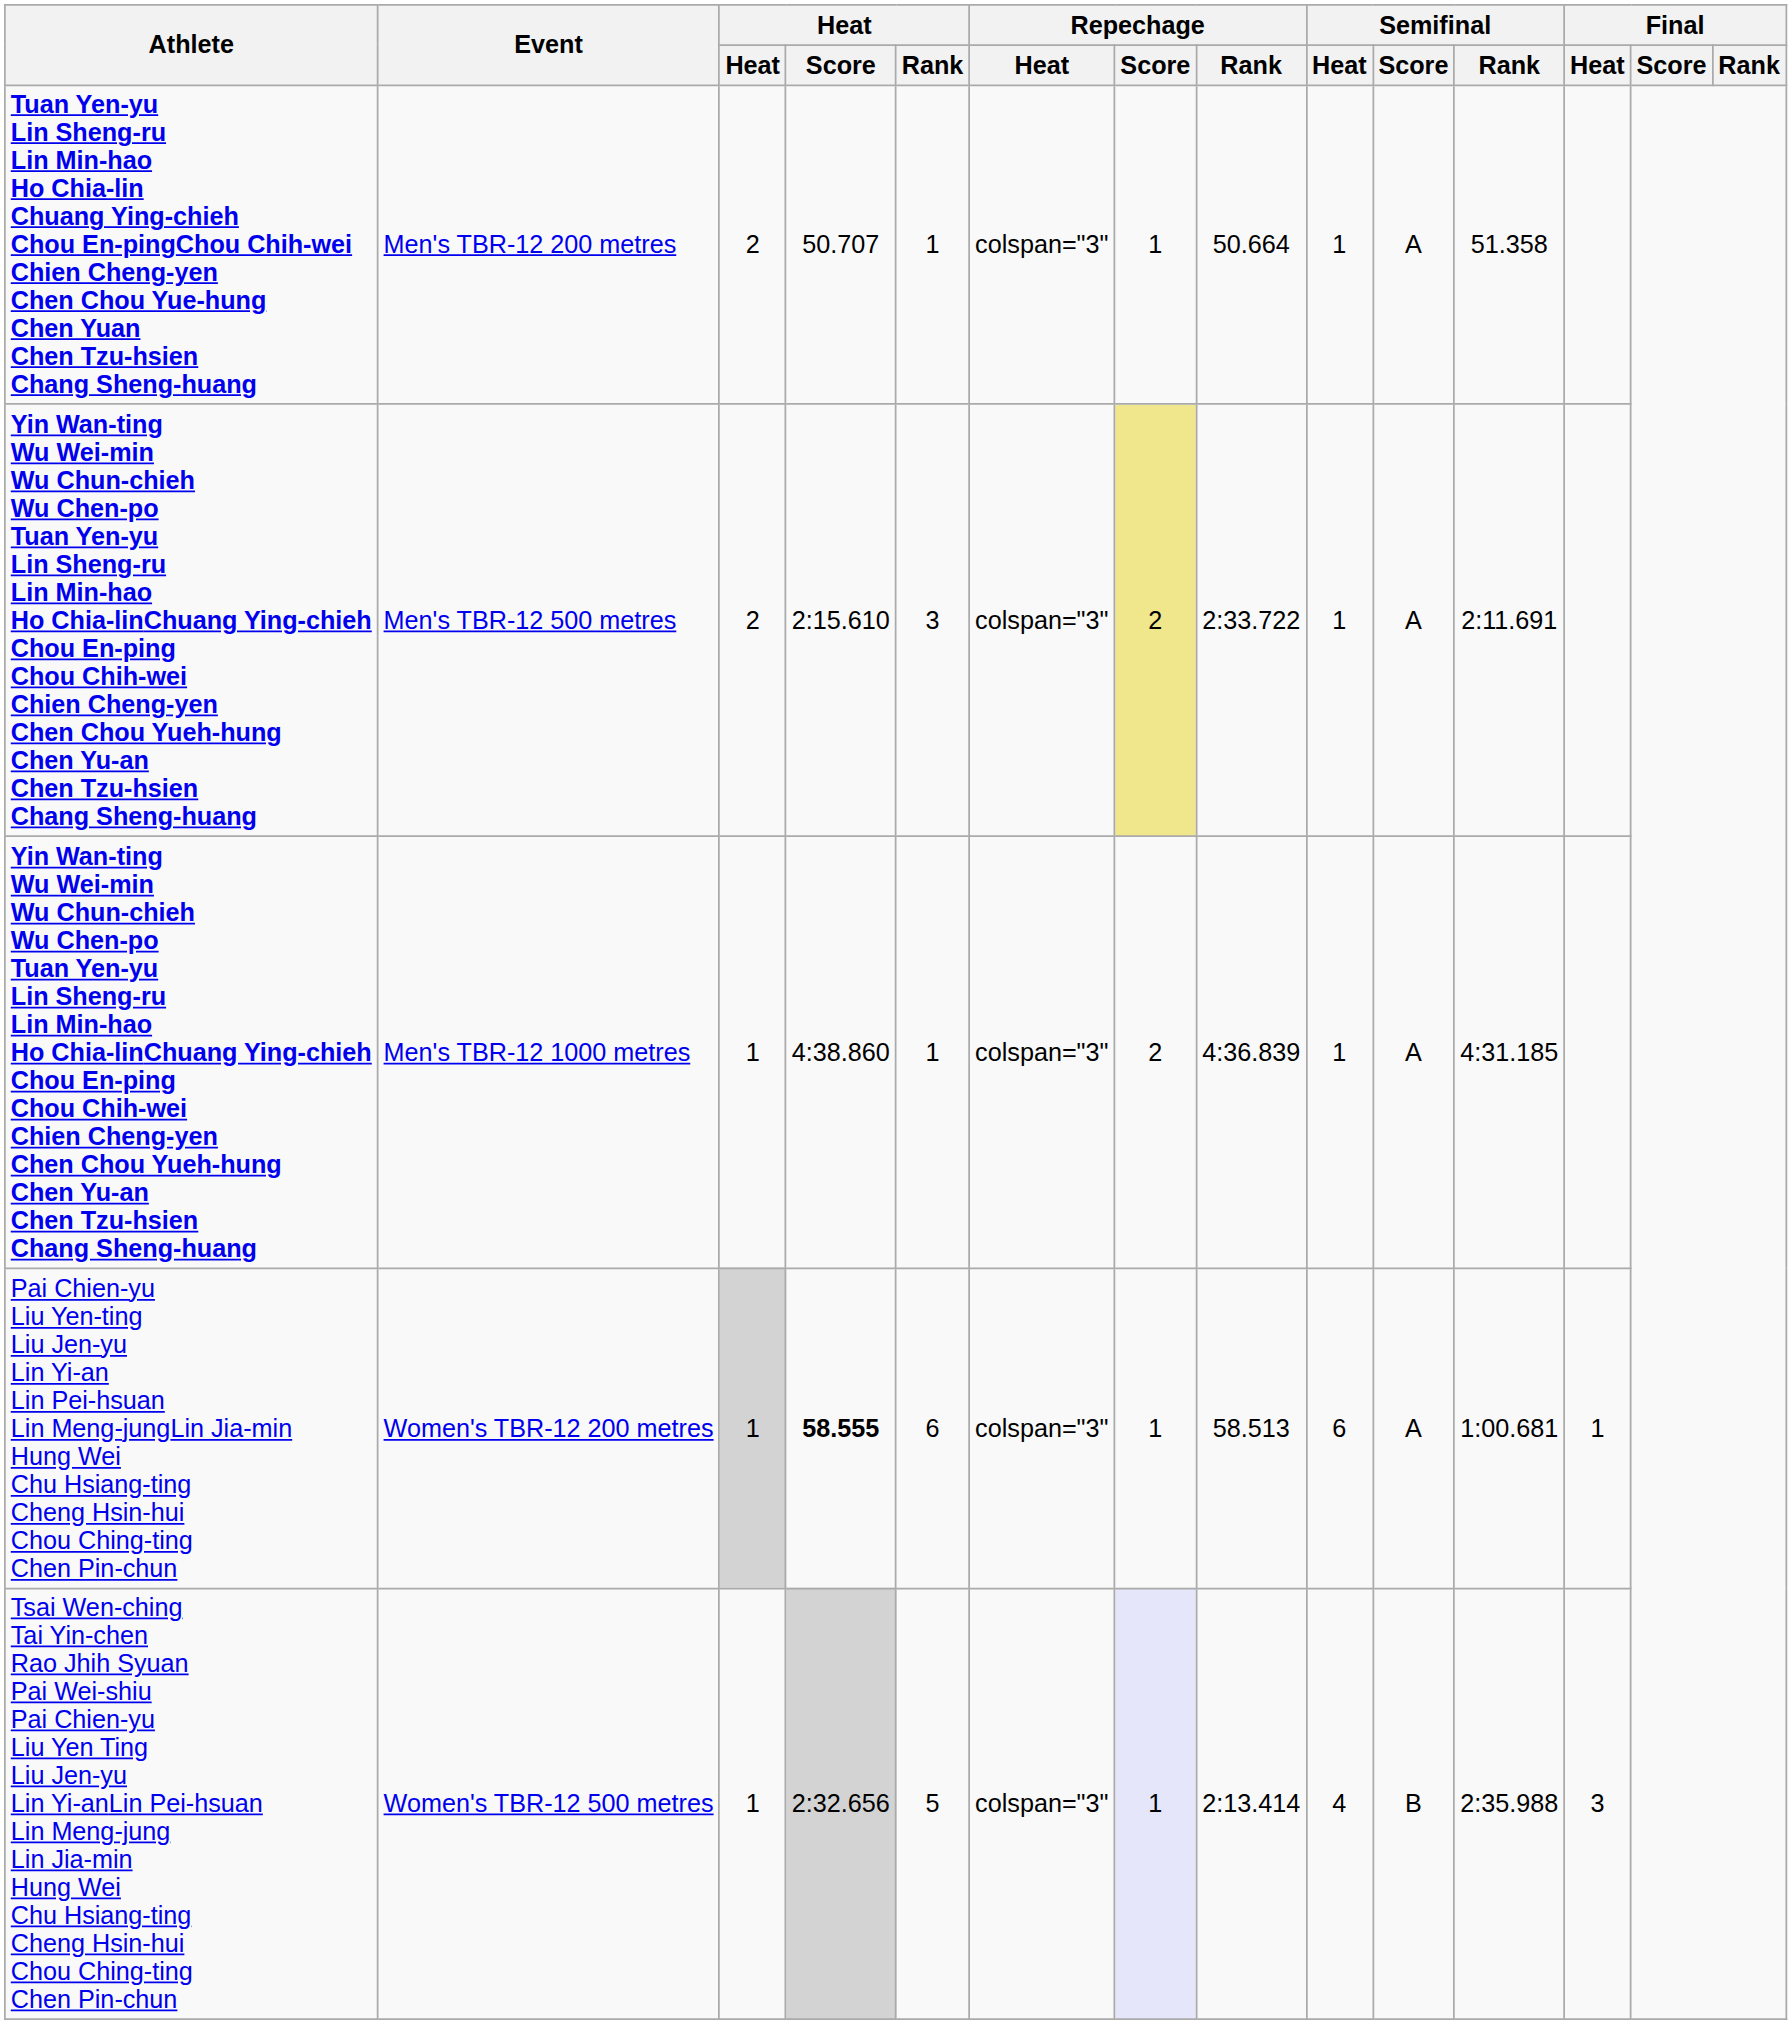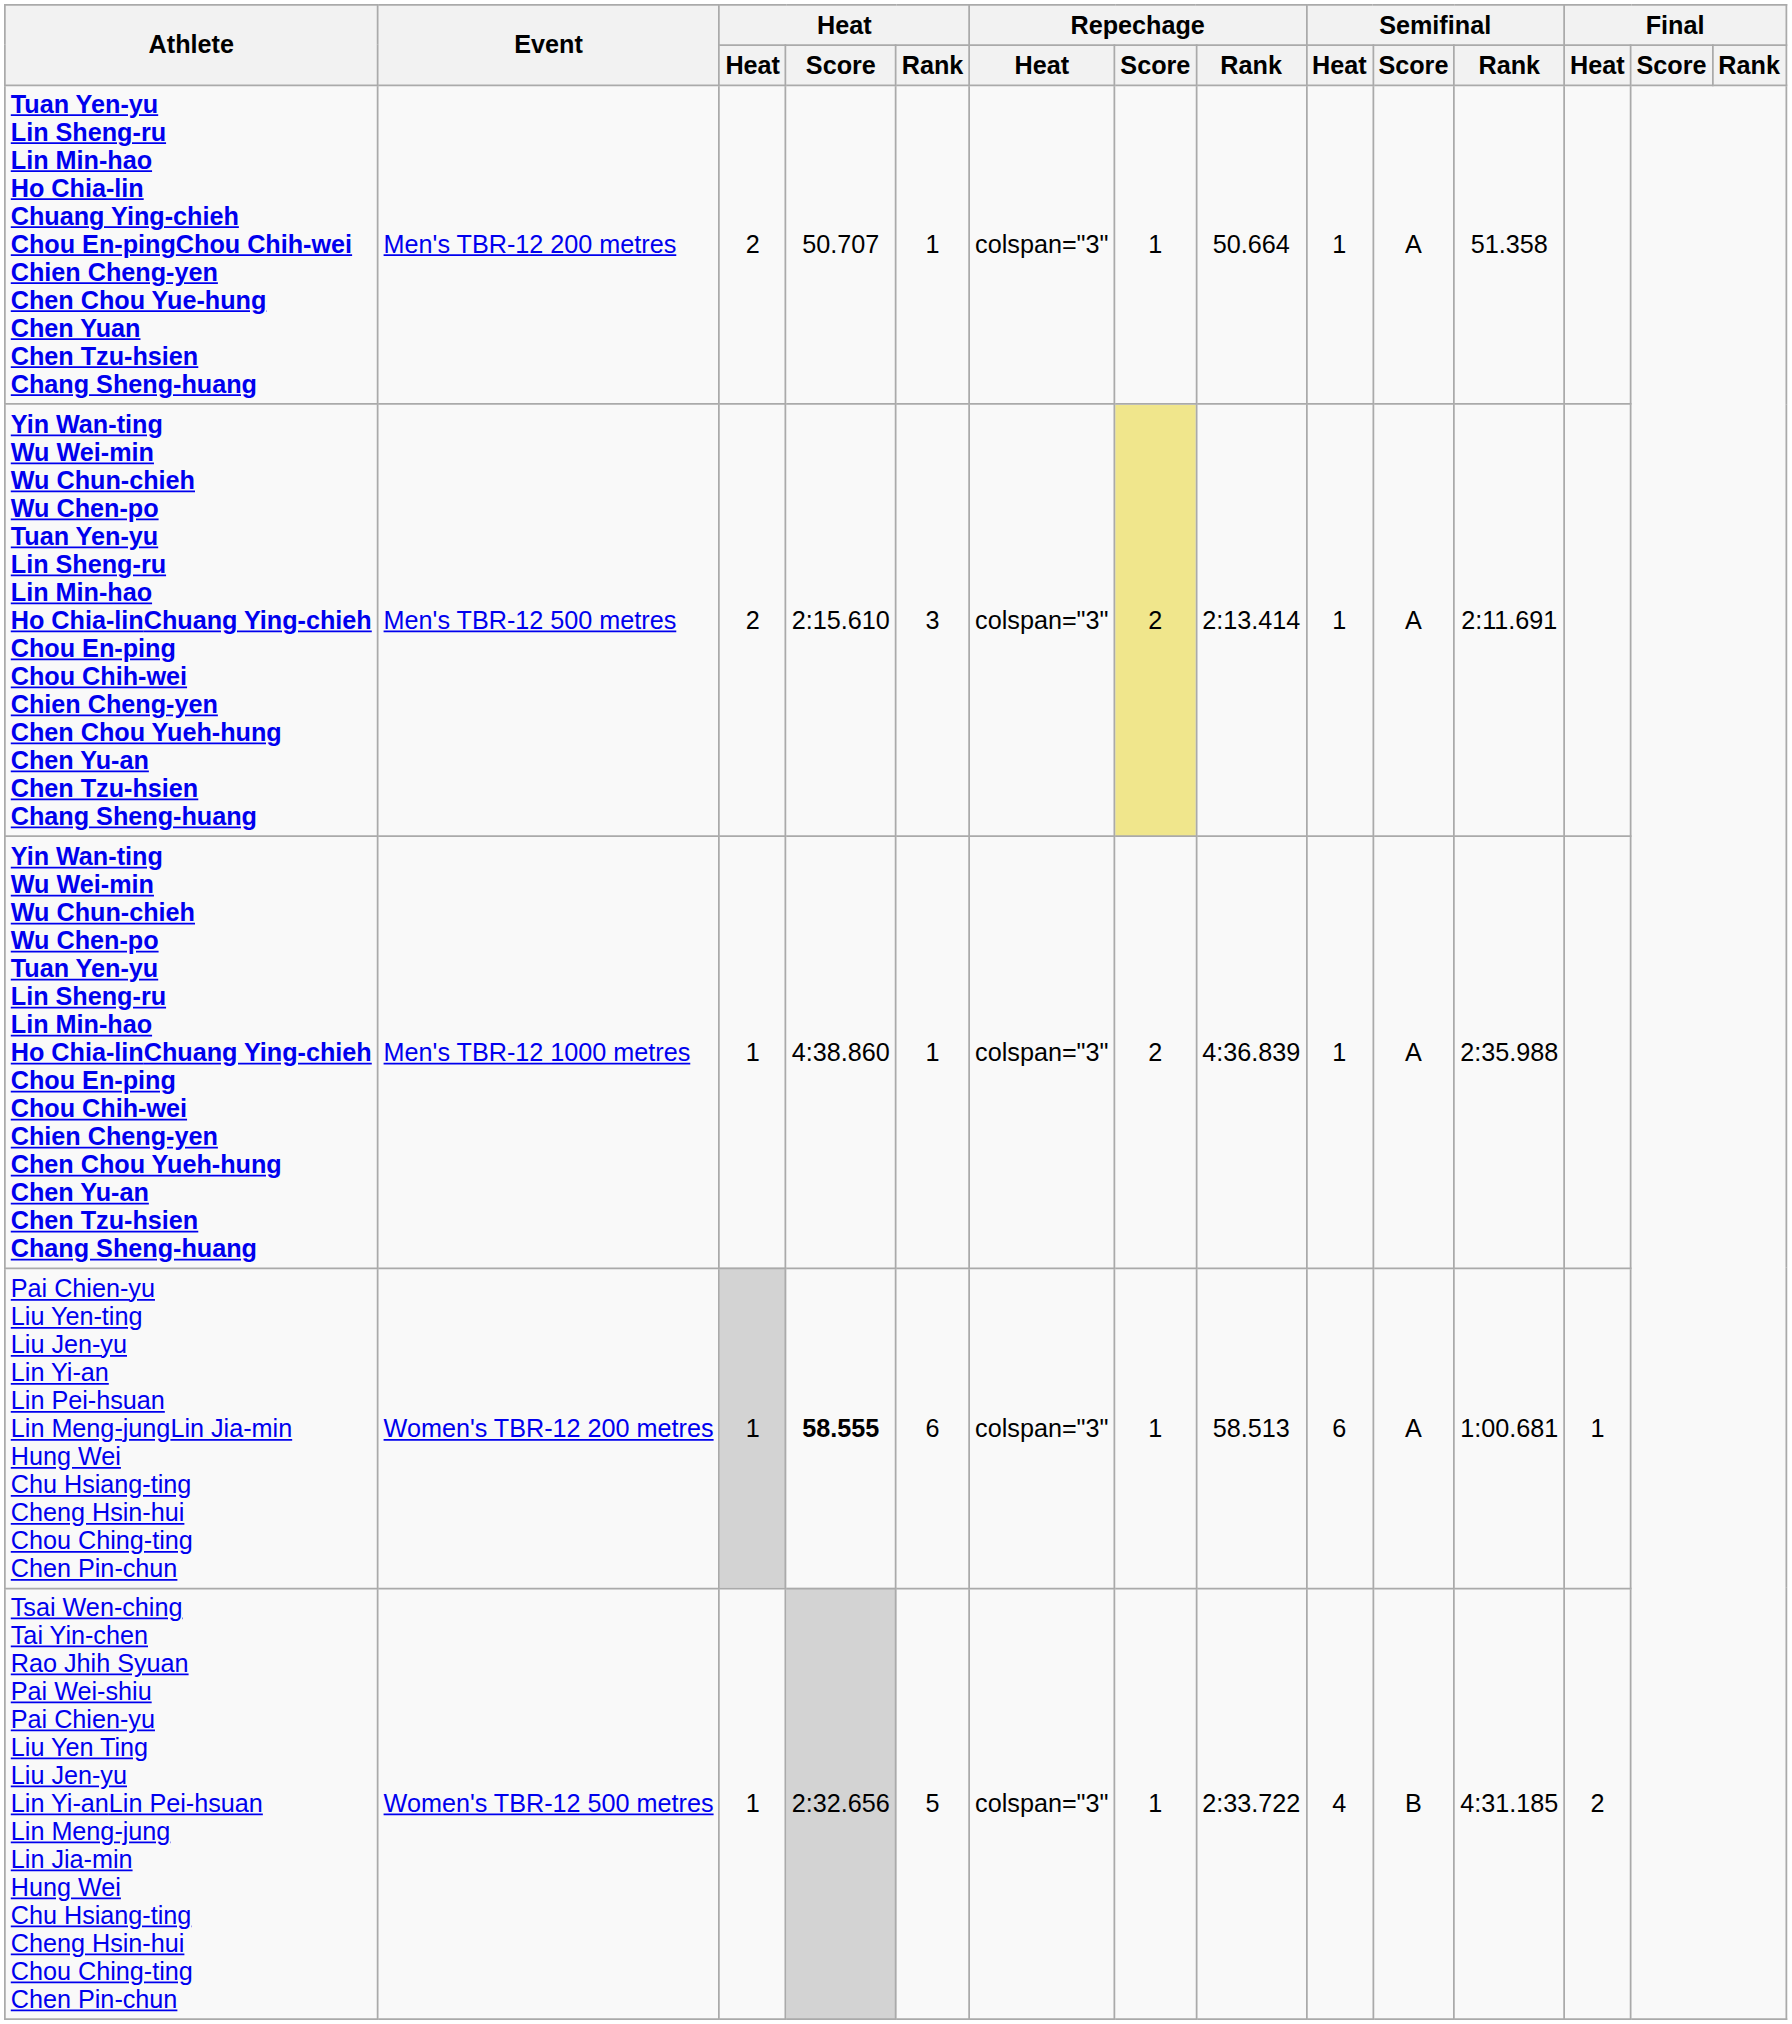 <table class="wikitable" style="font-size:90%; text-align:center">
 <tr>
 <th rowspan="2">Athlete</th>
 <th rowspan="2">Event</th>
 <th colspan="3">Heat</th>
 <th colspan="3">Repechage</th>
 <th colspan="3">Semifinal</th>
 <th colspan="3">Final</th>
 </tr>
 <tr>
 <th>Heat</th>
 <th>Score</th>
 <th>Rank</th>
 <th>Heat</th>
 <th>Score</th>
 <th>Rank</th>
 <th>Heat</th>
 <th>Score</th>
 <th>Rank</th>
 <th>Heat</th>
 <th>Score</th>
 <th>Rank</th>
 </tr>
 <tr>
 <td align="left"><strong><a href='#'>Tuan Yen-yu</a><br><a href='#'>Lin Sheng-ru</a><br><a href='#'>Lin Min-hao</a><br><a href='#'>Ho Chia-lin</a><br><a href='#'>Chuang Ying-chieh</a><br><a href='#'>Chou En-ping</a></strong><strong><a href='#'>Chou Chih-wei</a><br><a href='#'>Chien Cheng-yen</a><br><a href='#'>Chen Chou Yue-hung</a><br><a href='#'>Chen Yuan</a><br><a href='#'>Chen Tzu-hsien</a><br><a href='#'>Chang Sheng-huang</a></strong></td>
 <td align="left"><a href='#'>Men's TBR-12 200 metres</a></td>
 <td>2</td>
 <td>50.707</td>
 <td>1 <strong></strong></td>
 <td>colspan="3" </td>
 <td>1</td>
 <td>50.664</td>
 <td>1 <strong></strong></td>
 <td>A</td>
 <td>51.358</td>
 <td></td>
 </tr>
 <tr>
 <td align="left"><strong><a href='#'>Yin Wan-ting</a><br><a href='#'>Wu Wei-min</a><br><a href='#'>Wu Chun-chieh</a><br><a href='#'>Wu Chen-po</a><br><a href='#'>Tuan Yen-yu</a><br><a href='#'>Lin Sheng-ru</a><br><a href='#'>Lin Min-hao</a><br><a href='#'>Ho Chia-lin</a></strong><strong><a href='#'>Chuang Ying-chieh</a><br><a href='#'>Chou En-ping</a><br><a href='#'>Chou Chih-wei</a><br><a href='#'>Chien Cheng-yen</a><br><a href='#'>Chen Chou Yueh-hung</a><br><a href='#'>Chen Yu-an</a><br><a href='#'>Chen Tzu-hsien</a><br><a href='#'>Chang Sheng-huang</a></strong></td>
 <td align="left"><a href='#'>Men's TBR-12 500 metres</a></td>
 <td>2</td>
 <td>2:15.610</td>
 <td>3 <strong></strong></td>
 <td>colspan="3" </td>
 <td style="background: khaki;">2</td>
-<td>2:33.722</td>
+<td>2:13.414</td>
 <td>1 <strong></strong></td>
 <td>A</td>
 <td>2:11.691</td>
 <td></td>
 </tr>
 <tr>
 <td align="left"><strong><a href='#'>Yin Wan-ting</a><br><a href='#'>Wu Wei-min</a><br><a href='#'>Wu Chun-chieh</a><br><a href='#'>Wu Chen-po</a><br><a href='#'>Tuan Yen-yu</a><br><a href='#'>Lin Sheng-ru</a><br><a href='#'>Lin Min-hao</a><br><a href='#'>Ho Chia-lin</a></strong><strong><a href='#'>Chuang Ying-chieh</a><br><a href='#'>Chou En-ping</a><br><a href='#'>Chou Chih-wei</a><br><a href='#'>Chien Cheng-yen</a><br><a href='#'>Chen Chou Yueh-hung</a><br><a href='#'>Chen Yu-an</a><br><a href='#'>Chen Tzu-hsien</a><br><a href='#'>Chang Sheng-huang</a></strong></td>
 <td align="left"><a href='#'>Men's TBR-12 1000 metres</a></td>
 <td>1</td>
 <td>4:38.860</td>
 <td>1 <strong></strong></td>
 <td>colspan="3" </td>
 <td>2</td>
 <td>4:36.839</td>
 <td>1 <strong></strong></td>
 <td>A</td>
-<td>4:31.185</td>
+<td>2:35.988</td>
 <td></td>
 </tr>
 <tr>
 <td align="left"><a href='#'>Pai Chien-yu</a><br><a href='#'>Liu Yen-ting</a><br><a href='#'>Liu Jen-yu</a><br><a href='#'>Lin Yi-an</a><br><a href='#'>Lin Pei-hsuan</a><br><a href='#'>Lin Meng-jung</a><a href='#'>Lin Jia-min</a><br><a href='#'>Hung Wei</a><br><a href='#'>Chu Hsiang-ting</a><br><a href='#'>Cheng Hsin-hui</a><br><a href='#'>Chou Ching-ting</a><br><a href='#'>Chen Pin-chun</a></td>
 <td align="left"><a href='#'>Women's TBR-12 200 metres</a></td>
 <td style="background: lightgrey;">1</td>
 <td><strong>58.555</strong></td>
 <td>6 <strong></strong></td>
 <td>colspan="3" </td>
 <td>1</td>
 <td>58.513</td>
 <td>6 <strong></strong></td>
 <td>A</td>
 <td>1:00.681</td>
 <td>1</td>
 </tr>
 <tr>
 <td align="left"><a href='#'>Tsai Wen-ching</a><br><a href='#'>Tai Yin-chen</a><br><a href='#'>Rao Jhih Syuan</a><br><a href='#'>Pai Wei-shiu</a><br><a href='#'>Pai Chien-yu</a><br><a href='#'>Liu Yen Ting</a><br><a href='#'>Liu Jen-yu</a><br><a href='#'>Lin Yi-an</a><a href='#'>Lin Pei-hsuan</a><br><a href='#'>Lin Meng-jung</a><br><a href='#'>Lin Jia-min</a><br><a href='#'>Hung Wei</a><br><a href='#'>Chu Hsiang-ting</a><br><a href='#'>Cheng Hsin-hui</a><br><a href='#'>Chou Ching-ting</a><br><a href='#'>Chen Pin-chun</a></td>
 <td align="left"><a href='#'>Women's TBR-12 500 metres</a></td>
 <td>1</td>
 <td style="background: lightgrey;">2:32.656</td>
 <td>5 <strong></strong></td>
 <td>colspan="3" </td>
-<td style="background: lavender;">1</td>
-<td>2:13.414</td>
+<td>1</td>
+<td>2:33.722</td>
 <td>4 <strong></strong></td>
 <td>B</td>
-<td>2:35.988</td>
-<td>3</td>
+<td>4:31.185</td>
+<td>2</td>
 </tr>
 </table>
